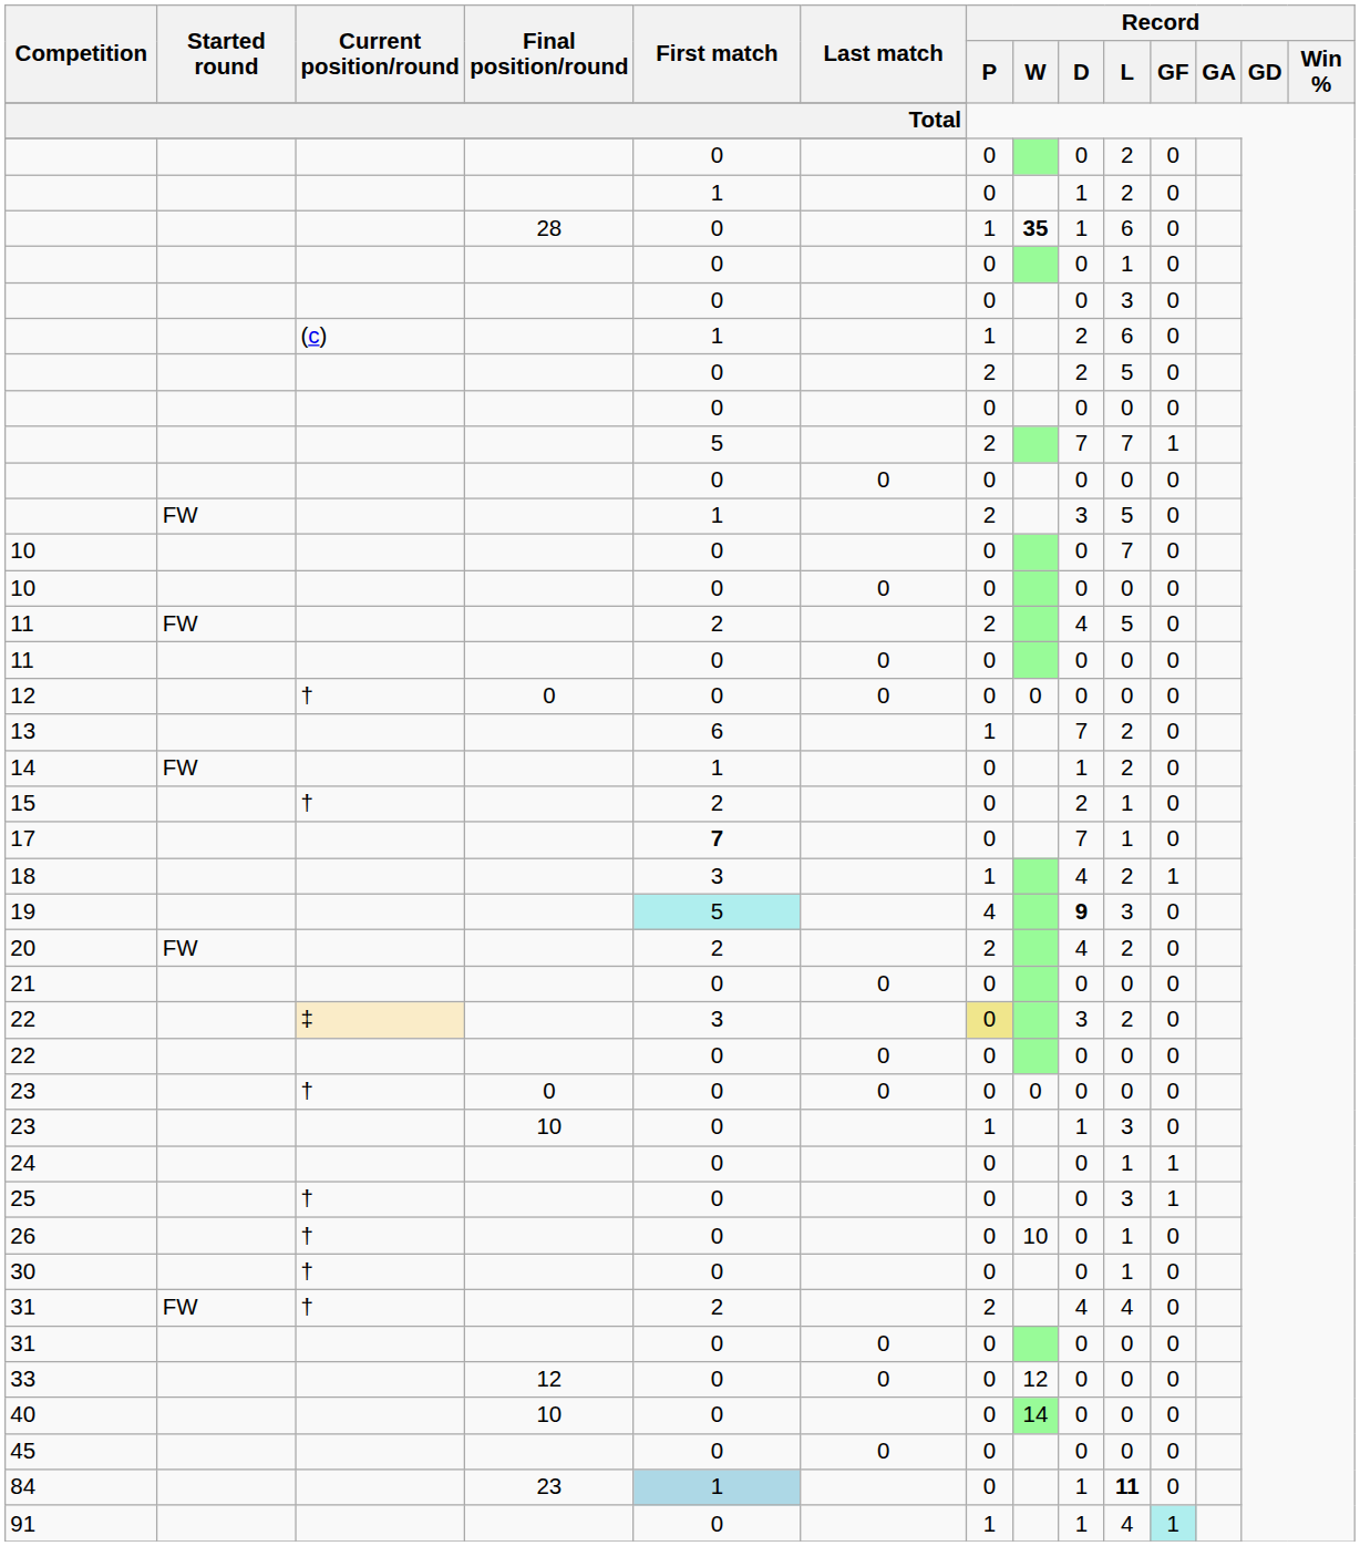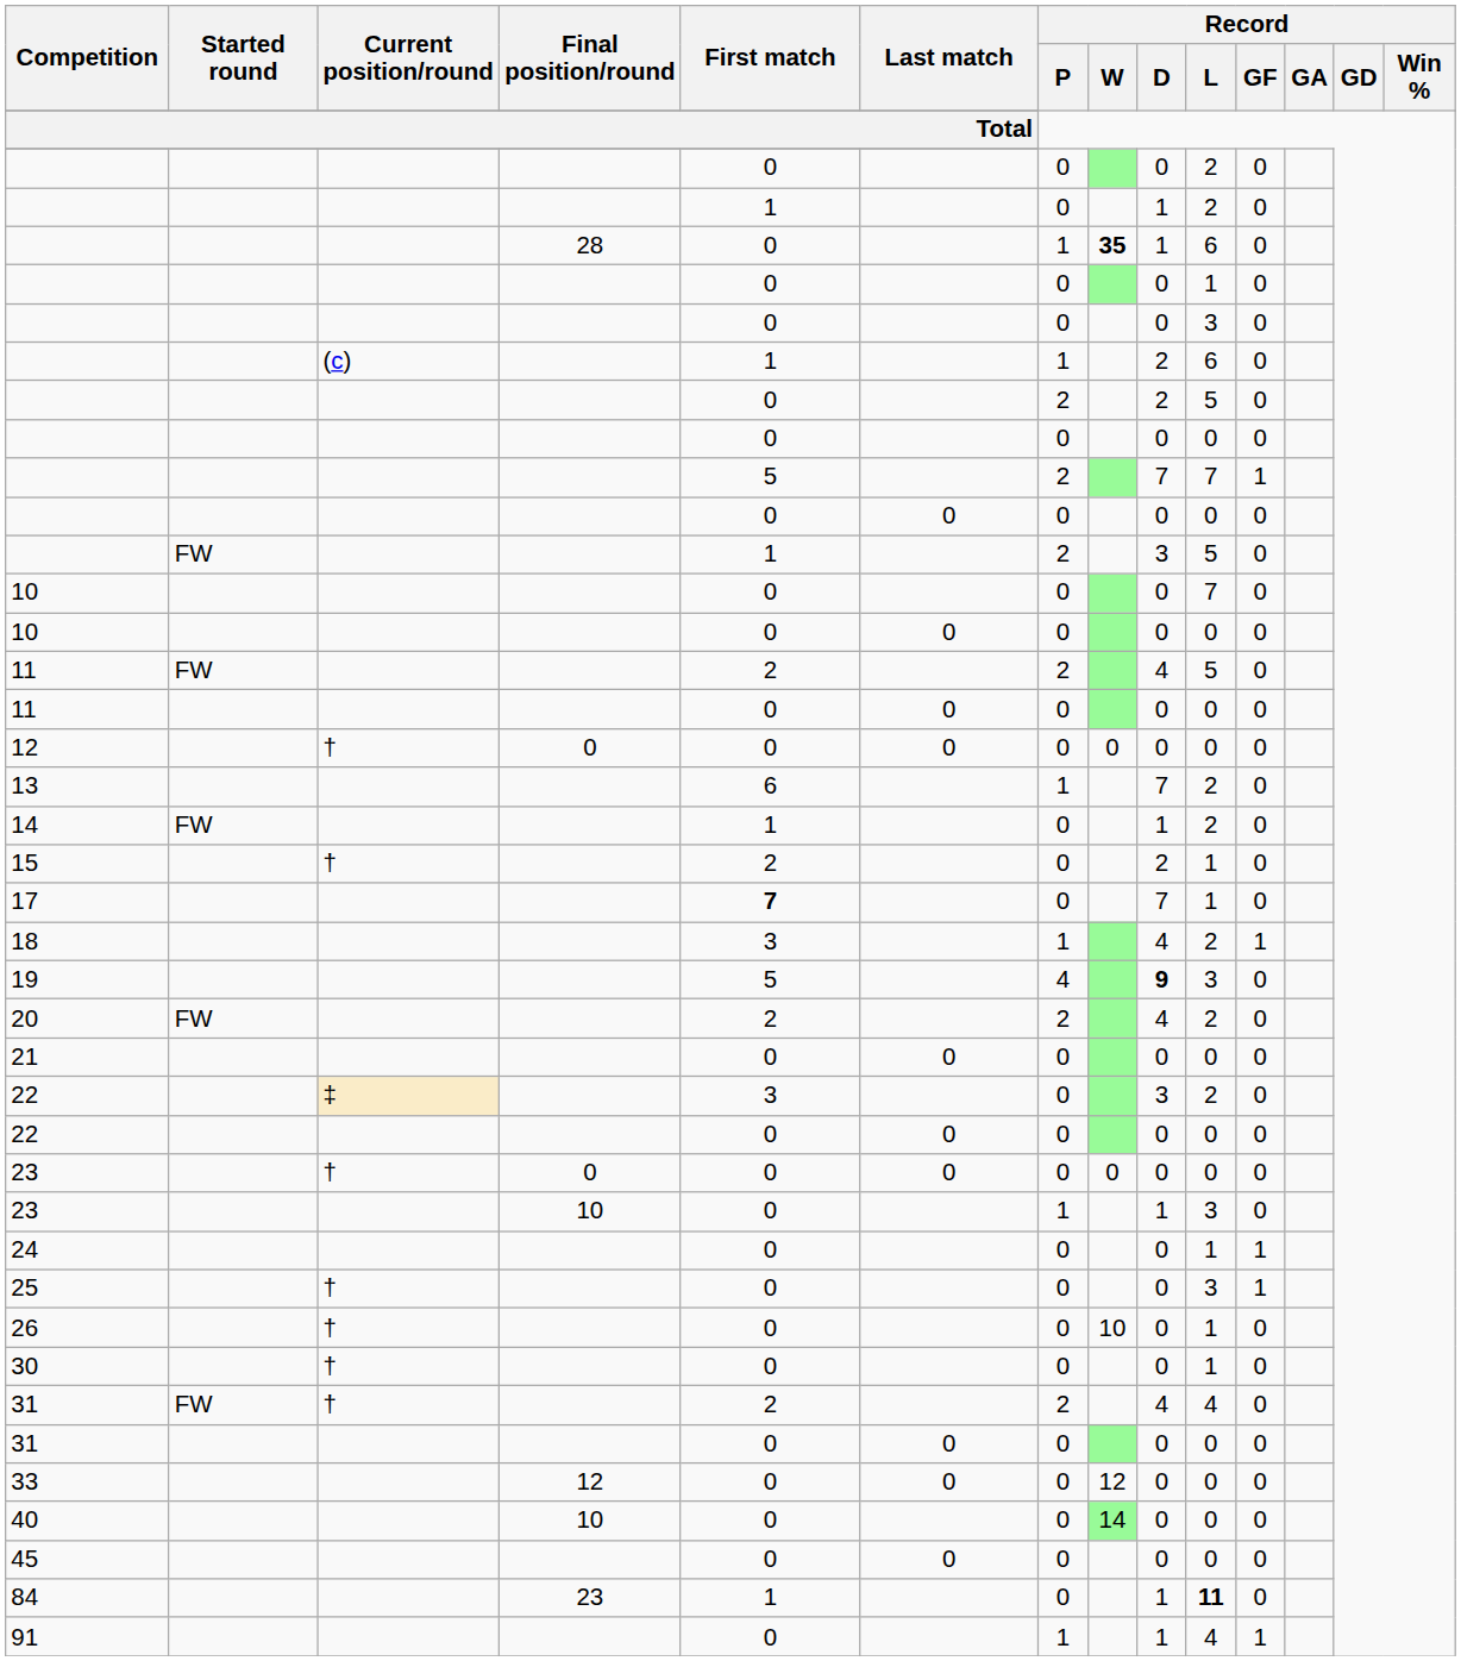 <table class="wikitable" style="text-align: center">
 <tr>
 <th rowspan=2 width="100">Competition</th>
 <th rowspan=2 width="90">Started round</th>
 <th rowspan=2 width="90">Current position/round</th>
 <th rowspan=2 width="90">Final position/round</th>
 <th rowspan=2 width="110">First match</th>
 <th rowspan=2 width="110">Last match</th>
 <th colspan=8>Record</th>
 </tr>
 <tr>
 <th width="25">P</th>
 <th width="25">W</th>
 <th width="25">D</th>
 <th width="25">L</th>
 <th width="25">GF</th>
 <th width="25">GA</th>
 <th width="25">GD</th>
 <th width="40">Win %</th>
 </tr>
 <tr>
 </tr>
 <tr>
 </tr>
 <tr>
 <th colspan=6 style="text-align: right;">Total<br></th>
 </tr>
 <tr>
 </tr>
 <tr>
 <td align=left></td>
 <td align=left></td>
 <td align=left> </td>
 <td></td>
 <td>0</td>
 <td></td>
 <td>0</td>
 <td style="background:#98FB98"></td>
 <td>0</td>
 <td>2</td>
 <td>0</td>
 <td></td>
 </tr>
 <tr>
 <td align=left></td>
 <td align=left></td>
 <td align=left> </td>
 <td></td>
 <td>1</td>
 <td></td>
 <td>0</td>
 <td></td>
 <td>1</td>
 <td>2</td>
 <td>0</td>
 <td></td>
 </tr>
 <tr>
 <td align=left></td>
 <td align=left></td>
 <td align=left> </td>
 <td>28</td>
 <td>0</td>
 <td></td>
 <td>1</td>
 <td><strong>35</strong></td>
 <td>1</td>
 <td>6</td>
 <td>0</td>
 <td></td>
 </tr>
 <tr>
 <td align=left></td>
 <td align=left></td>
 <td align=left> </td>
 <td></td>
 <td>0</td>
 <td></td>
 <td>0</td>
 <td style="background:#98FB98"></td>
 <td>0</td>
 <td>1</td>
 <td>0</td>
 <td></td>
 </tr>
 <tr>
 <td align=left></td>
 <td align=left></td>
 <td align=left> </td>
 <td></td>
 <td>0</td>
 <td></td>
 <td>0</td>
 <td></td>
 <td>0</td>
 <td>3</td>
 <td>0</td>
 <td></td>
 </tr>
 <tr>
 <td align=left></td>
 <td align=left></td>
 <td align=left>  (<a href='#'>c</a>)</td>
 <td></td>
 <td>1</td>
 <td></td>
 <td>1</td>
 <td></td>
 <td>2</td>
 <td>6</td>
 <td>0</td>
 <td></td>
 </tr>
 <tr>
 <td align=left></td>
 <td align=left></td>
 <td align=left> </td>
 <td></td>
 <td>0</td>
 <td></td>
 <td>2</td>
 <td></td>
 <td>2</td>
 <td>5</td>
 <td>0</td>
 <td></td>
 </tr>
 <tr>
 <td align=left></td>
 <td align=left></td>
 <td align=left> </td>
 <td></td>
 <td>0</td>
 <td></td>
 <td>0</td>
 <td></td>
 <td>0</td>
 <td>0</td>
 <td>0</td>
 <td></td>
 </tr>
 <tr>
 <td align=left></td>
 <td align=left></td>
 <td align=left> </td>
 <td></td>
 <td>5</td>
 <td></td>
 <td>2</td>
 <td style="background:#98FB98"></td>
 <td>7</td>
 <td>7</td>
 <td>1</td>
 <td></td>
 </tr>
 <tr>
 <td align=left></td>
 <td align=left></td>
 <td align=left> </td>
 <td></td>
 <td>0</td>
 <td>0</td>
 <td>0</td>
 <td></td>
 <td>0</td>
 <td>0</td>
 <td>0</td>
 <td></td>
 </tr>
 <tr>
 <td align=left></td>
 <td align=left>FW</td>
 <td align=left> </td>
 <td></td>
 <td>1</td>
 <td></td>
 <td>2</td>
 <td></td>
 <td>3</td>
 <td>5</td>
 <td>0</td>
 <td></td>
 </tr>
 <tr>
 <td align=left>10</td>
 <td align=left></td>
 <td align=left> </td>
 <td></td>
 <td>0</td>
 <td></td>
 <td>0</td>
 <td style="background:#98FB98"></td>
 <td>0</td>
 <td>7</td>
 <td>0</td>
 <td></td>
 </tr>
 <tr>
 <td align=left>10</td>
 <td align=left></td>
 <td align=left> </td>
 <td></td>
 <td>0</td>
 <td>0</td>
 <td>0</td>
 <td style="background:#98FB98"></td>
 <td>0</td>
 <td>0</td>
 <td>0</td>
 <td></td>
 </tr>
 <tr>
 <td align=left>11</td>
 <td align=left>FW</td>
 <td align=left> </td>
 <td></td>
 <td>2</td>
 <td></td>
 <td>2</td>
 <td style="background:#98FB98"></td>
 <td>4</td>
 <td>5</td>
 <td>0</td>
 <td></td>
 </tr>
 <tr>
 <td align=left>11</td>
 <td align=left></td>
 <td align=left> </td>
 <td></td>
 <td>0</td>
 <td>0</td>
 <td>0</td>
 <td style="background:#98FB98"></td>
 <td>0</td>
 <td>0</td>
 <td>0</td>
 <td></td>
 </tr>
 <tr>
 <td align=left>12</td>
 <td align=left></td>
 <td align=left>  †</td>
 <td>0</td>
 <td>0</td>
 <td>0</td>
 <td>0</td>
 <td>0</td>
 <td>0</td>
 <td>0</td>
 <td>0</td>
 <td></td>
 </tr>
 <tr>
 <td align=left>13</td>
 <td align=left></td>
 <td align=left> </td>
 <td></td>
 <td>6</td>
 <td></td>
 <td>1</td>
 <td></td>
 <td>7</td>
 <td>2</td>
 <td>0</td>
 <td></td>
 </tr>
 <tr>
 <td align=left>14</td>
 <td align=left>FW</td>
 <td align=left> </td>
 <td></td>
 <td>1</td>
 <td></td>
 <td>0</td>
 <td></td>
 <td>1</td>
 <td>2</td>
 <td>0</td>
 <td></td>
 </tr>
 <tr>
 <td align=left>15</td>
 <td align=left></td>
 <td align=left>  †</td>
 <td></td>
 <td>2</td>
 <td></td>
 <td>0</td>
 <td></td>
 <td>2</td>
 <td>1</td>
 <td>0</td>
 <td></td>
 </tr>
 <tr>
 <td align=left>17</td>
 <td align=left></td>
 <td align=left> </td>
 <td><strong></strong></td>
 <td><strong>7</strong></td>
 <td></td>
 <td>0</td>
 <td></td>
 <td>7</td>
 <td>1</td>
 <td>0</td>
 <td></td>
 </tr>
 <tr>
 <td align=left>18</td>
 <td align=left></td>
 <td align=left> </td>
 <td></td>
 <td>3</td>
 <td></td>
 <td>1</td>
 <td style="background:#98FB98"></td>
 <td>4</td>
 <td>2</td>
 <td>1</td>
 <td></td>
 </tr>
 <tr>
 <td align=left>19</td>
 <td align=left></td>
 <td align=left> </td>
 <td></td>
-<td style="background: paleturquoise;">5</td>
+<td>5</td>
 <td></td>
 <td>4</td>
 <td style="background:#98FB98"></td>
 <td><strong>9</strong></td>
 <td>3</td>
 <td>0</td>
 <td></td>
 </tr>
 <tr>
 <td align=left>20</td>
 <td align=left>FW</td>
 <td align=left> </td>
 <td></td>
 <td>2</td>
 <td></td>
 <td>2</td>
 <td style="background:#98FB98"></td>
 <td>4</td>
 <td>2</td>
 <td>0</td>
 <td></td>
 </tr>
 <tr>
 <td align=left>21</td>
 <td align=left></td>
 <td align=left> </td>
 <td></td>
 <td>0</td>
 <td>0</td>
 <td>0</td>
 <td style="background:#98FB98"></td>
 <td>0</td>
 <td>0</td>
 <td>0</td>
 <td></td>
 </tr>
 <tr>
 <td align=left>22</td>
 <td align=left></td>
 <td style="background:#faecc8; text-align:left;">  ‡</td>
 <td></td>
 <td>3</td>
 <td></td>
-<td style="background: khaki;">0</td>
+<td>0</td>
 <td style="background:#98FB98"></td>
 <td>3</td>
 <td>2</td>
 <td>0</td>
 <td></td>
 </tr>
 <tr>
 <td align=left>22</td>
 <td align=left></td>
 <td align=left> </td>
 <td></td>
 <td>0</td>
 <td>0</td>
 <td>0</td>
 <td style="background:#98FB98"></td>
 <td>0</td>
 <td>0</td>
 <td>0</td>
 <td></td>
 </tr>
 <tr>
 <td align=left>23</td>
 <td align=left></td>
 <td align=left>  †</td>
 <td>0</td>
 <td>0</td>
 <td>0</td>
 <td>0</td>
 <td>0</td>
 <td>0</td>
 <td>0</td>
 <td>0</td>
 <td></td>
 </tr>
 <tr>
 <td align=left>23</td>
 <td align=left></td>
 <td align=left> </td>
 <td>10</td>
 <td>0</td>
 <td></td>
 <td>1</td>
 <td></td>
 <td>1</td>
 <td>3</td>
 <td>0</td>
 <td></td>
 </tr>
 <tr>
 <td align=left>24</td>
 <td align=left></td>
 <td align=left> </td>
 <td></td>
 <td>0</td>
 <td></td>
 <td>0</td>
 <td></td>
 <td>0</td>
 <td>1</td>
 <td>1</td>
 <td></td>
 </tr>
 <tr>
 <td align=left>25</td>
 <td align=left></td>
 <td align=left>  †</td>
 <td></td>
 <td>0</td>
 <td></td>
 <td>0</td>
 <td></td>
 <td>0</td>
 <td>3</td>
 <td>1</td>
 <td></td>
 </tr>
 <tr>
 <td align=left>26</td>
 <td align=left></td>
 <td align=left>  †</td>
 <td></td>
 <td>0</td>
 <td></td>
 <td>0</td>
 <td>10</td>
 <td>0</td>
 <td>1</td>
 <td>0</td>
 <td></td>
 </tr>
 <tr>
 <td align=left>30</td>
 <td align=left></td>
 <td align=left>  †</td>
 <td></td>
 <td>0</td>
 <td></td>
 <td>0</td>
 <td></td>
 <td>0</td>
 <td>1</td>
 <td>0</td>
 <td></td>
 </tr>
 <tr>
 <td align=left>31</td>
 <td align=left>FW</td>
 <td align=left>  †</td>
 <td></td>
 <td>2</td>
 <td></td>
 <td>2</td>
 <td></td>
 <td>4</td>
 <td>4</td>
 <td>0</td>
 <td></td>
 </tr>
 <tr>
 <td align=left>31</td>
 <td align=left></td>
 <td align=left> </td>
 <td></td>
 <td>0</td>
 <td>0</td>
 <td>0</td>
 <td style="background:#98FB98"></td>
 <td>0</td>
 <td>0</td>
 <td>0</td>
 <td></td>
 </tr>
 <tr>
 <td align=left>33</td>
 <td align=left></td>
 <td align=left> </td>
 <td>12</td>
 <td>0</td>
 <td>0</td>
 <td>0</td>
 <td>12</td>
 <td>0</td>
 <td>0</td>
 <td>0</td>
 <td></td>
 </tr>
 <tr>
 <td align=left>40</td>
 <td align=left></td>
 <td align=left> </td>
 <td>10</td>
 <td>0</td>
 <td></td>
 <td>0</td>
 <td style="background:#98FB98">14</td>
 <td>0</td>
 <td>0</td>
 <td>0</td>
 <td></td>
 </tr>
 <tr>
 <td align=left>45</td>
 <td align=left></td>
 <td align=left> </td>
 <td></td>
 <td>0</td>
 <td>0</td>
 <td>0</td>
 <td></td>
 <td>0</td>
 <td>0</td>
 <td>0</td>
 <td></td>
 </tr>
 <tr>
 <td align=left>84</td>
 <td align=left></td>
 <td align=left> </td>
 <td>23</td>
-<td style="background: lightblue;">1</td>
+<td>1</td>
 <td></td>
 <td>0</td>
 <td></td>
 <td>1</td>
 <td><strong>11</strong></td>
 <td>0</td>
 <td></td>
 </tr>
 <tr>
 <td align=left>91</td>
 <td align=left></td>
 <td align=left> </td>
 <td></td>
 <td>0</td>
 <td></td>
 <td>1</td>
 <td></td>
 <td>1</td>
 <td>4</td>
-<td style="background: paleturquoise;">1</td>
+<td>1</td>
 <td></td>
 </tr>
 <tr>
 </tr>
 </table>
